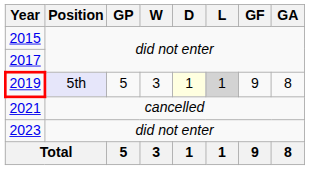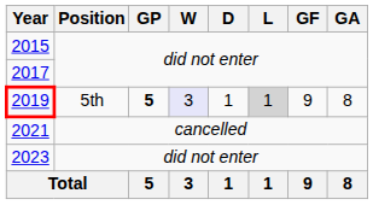 <table class="wikitable" style="text-align: center;">
 <tr>
 <th>Year</th>
 <th>Position</th>
 <th width=30>GP</th>
 <th width=30>W</th>
 <th width=30>D</th>
 <th width=30>L</th>
 <th width=30>GF</th>
 <th width=30>GA</th>
 </tr>
 <tr>
 <td> <a href='#'>2015</a></td>
 <td rowspan=2 colspan=7><em>did not enter</em></td>
 </tr>
 <tr>
 <td> <a href='#'>2017</a></td>
 </tr>
 <tr>
 <td style="border: 3px solid red"> <a href='#'>2019</a></td>
-<td style="background: lavender;">5th</td>
-<td>5</td>
-<td>3</td>
-<td style="background: lightyellow;">1</td>
+<td>5th</td>
+<td><strong>5</strong></td>
+<td style="background: lavender;">3</td>
+<td>1</td>
 <td style="background: lightgrey;">1</td>
 <td>9</td>
 <td>8</td>
 </tr>
 <tr>
 <td> <a href='#'>2021</a></td>
 <td colspan=7><em>cancelled</em></td>
 </tr>
 <tr>
 <td> <a href='#'>2023</a></td>
 <td colspan=7><em>did not enter</em></td>
 </tr>
 <tr>
 <th colspan=2>Total</th>
 <th>5</th>
 <th>3</th>
 <th>1</th>
 <th>1</th>
 <th>9</th>
 <th>8</th>
 </tr>
 </table>
